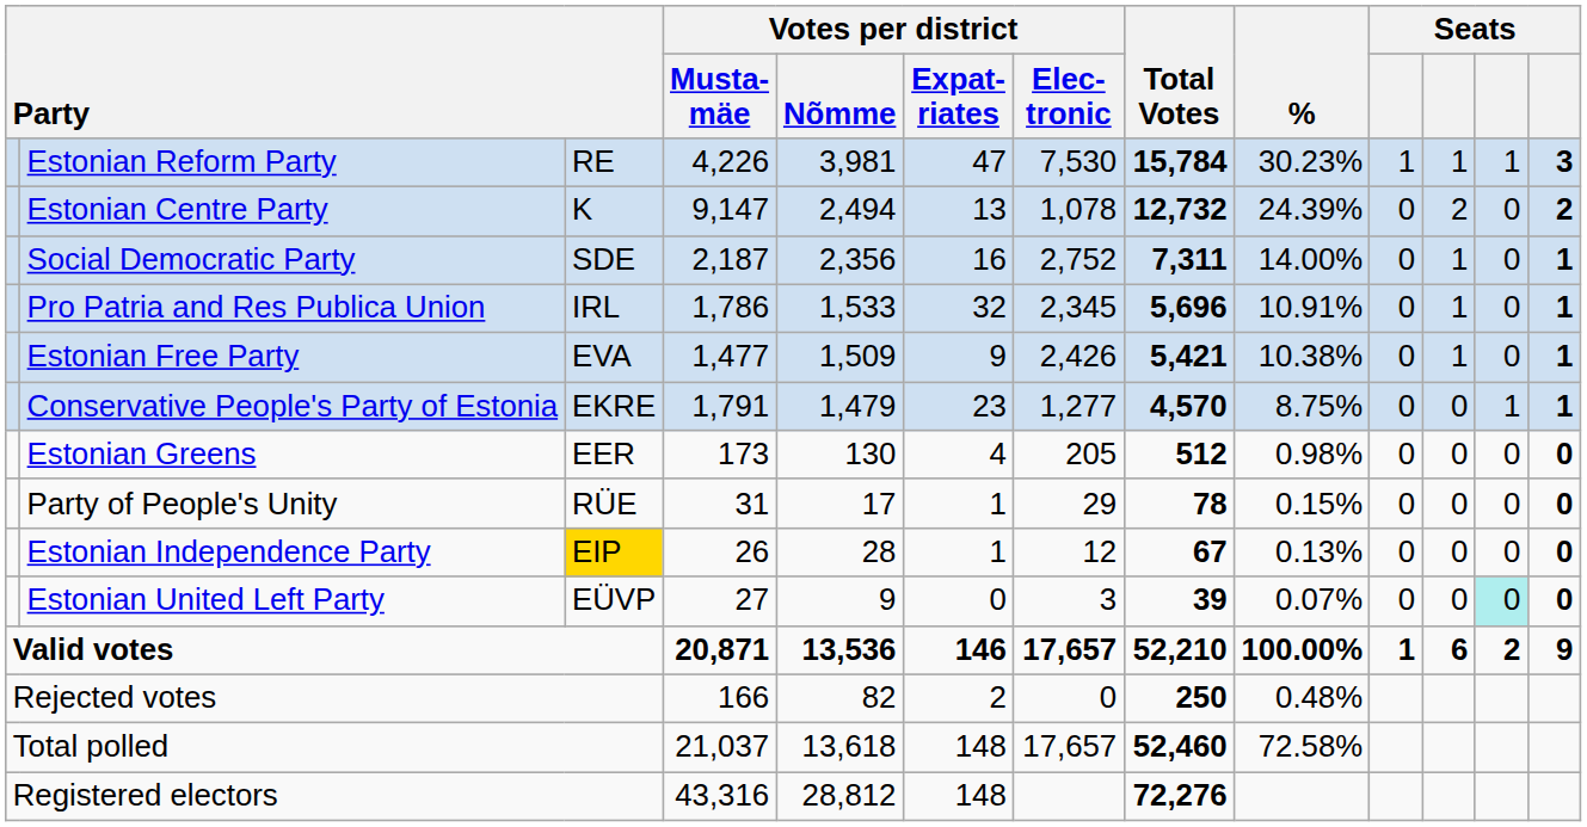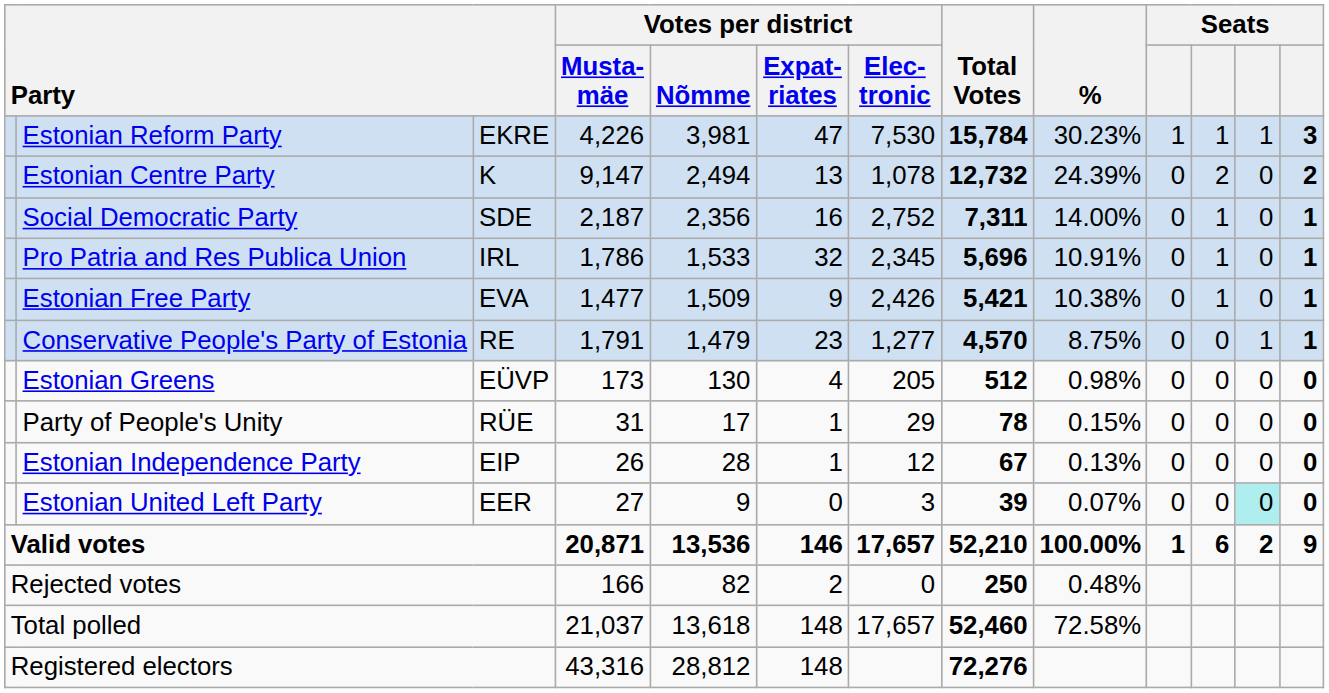 <table class="wikitable" border="1" style="text-align:right;">
 <tr>
 <th style="text-align:left;" valign=bottom rowspan=2 colspan=3>Party</th>
 <th colspan=4>Votes per district</th>
 <th align=center valign=bottom rowspan=2 width="50">Total Votes</th>
 <th align=center valign=bottom rowspan=2 width="50">%</th>
 <th colspan=4>Seats</th>
 </tr>
 <tr>
 <th align=center valign=bottom width="50"><a href='#'>Musta- mäe</a></th>
 <th align=center valign=bottom width="50"><a href='#'>Nõmme</a></th>
 <th align=center valign=bottom width="50"><a href='#'>Expat- riates</a></th>
 <th align=center valign=bottom width="50"><a href='#'>Elec- tronic</a></th>
 <th align=center valign=bottom width="20"><small></small></th>
 <th align=center valign=bottom width="20"><small></small></th>
 <th align=center valign=bottom width="20"><small></small></th>
 <th align=center valign=bottom width="20"><small></small></th>
 </tr>
 <tr style="background:#CEE0F2;">
 <td style="background:"></td>
 <td align=left><a href='#'>Estonian Reform Party</a></td>
-<td align=left>RE</td>
+<td align=left>EKRE</td>
 <td>4,226</td>
 <td>3,981</td>
 <td>47</td>
 <td>7,530</td>
 <td><strong>15,784</strong></td>
 <td>30.23%</td>
 <td>1</td>
 <td>1</td>
 <td>1</td>
 <td><strong>3</strong></td>
 </tr>
 <tr style="background:#CEE0F2;">
 <td style="background:"></td>
 <td align=left><a href='#'>Estonian Centre Party</a></td>
 <td align=left>K</td>
 <td>9,147</td>
 <td>2,494</td>
 <td>13</td>
 <td>1,078</td>
 <td><strong>12,732</strong></td>
 <td>24.39%</td>
 <td>0</td>
 <td>2</td>
 <td>0</td>
 <td><strong>2</strong></td>
 </tr>
 <tr style="background:#CEE0F2;">
 <td style="background:"></td>
 <td align=left><a href='#'>Social Democratic Party</a></td>
 <td align=left>SDE</td>
 <td>2,187</td>
 <td>2,356</td>
 <td>16</td>
 <td>2,752</td>
 <td><strong>7,311</strong></td>
 <td>14.00%</td>
 <td>0</td>
 <td>1</td>
 <td>0</td>
 <td><strong>1</strong></td>
 </tr>
 <tr style="background:#CEE0F2;">
 <td style="background:"></td>
 <td align=left><a href='#'>Pro Patria and Res Publica Union</a></td>
 <td align=left>IRL</td>
 <td>1,786</td>
 <td>1,533</td>
 <td>32</td>
 <td>2,345</td>
 <td><strong>5,696</strong></td>
 <td>10.91%</td>
 <td>0</td>
 <td>1</td>
 <td>0</td>
 <td><strong>1</strong></td>
 </tr>
 <tr style="background:#CEE0F2;">
 <td style="background:"></td>
 <td align=left><a href='#'>Estonian Free Party</a></td>
 <td align=left>EVA</td>
 <td>1,477</td>
 <td>1,509</td>
 <td>9</td>
 <td>2,426</td>
 <td><strong>5,421</strong></td>
 <td>10.38%</td>
 <td>0</td>
 <td>1</td>
 <td>0</td>
 <td><strong>1</strong></td>
 </tr>
 <tr style="background:#CEE0F2;">
 <td style="background:"></td>
 <td align=left><a href='#'>Conservative People's Party of Estonia</a></td>
-<td align=left>EKRE</td>
+<td align=left>RE</td>
 <td>1,791</td>
 <td>1,479</td>
 <td>23</td>
 <td>1,277</td>
 <td><strong>4,570</strong></td>
 <td>8.75%</td>
 <td>0</td>
 <td>0</td>
 <td>1</td>
 <td><strong>1</strong></td>
 </tr>
 <tr>
 <td style="background:"></td>
 <td align=left><a href='#'>Estonian Greens</a></td>
-<td align=left>EER</td>
+<td align=left>EÜVP</td>
 <td>173</td>
 <td>130</td>
 <td>4</td>
 <td>205</td>
 <td><strong>512</strong></td>
 <td>0.98%</td>
 <td>0</td>
 <td>0</td>
 <td>0</td>
 <td><strong>0</strong></td>
 </tr>
 <tr>
 <td></td>
 <td align=left>Party of People's Unity</td>
 <td align=left>RÜE</td>
 <td>31</td>
 <td>17</td>
 <td>1</td>
 <td>29</td>
 <td><strong>78</strong></td>
 <td>0.15%</td>
 <td>0</td>
 <td>0</td>
 <td>0</td>
 <td><strong>0</strong></td>
 </tr>
 <tr>
 <td style="background:"></td>
 <td align=left><a href='#'>Estonian Independence Party</a></td>
-<td align=left style="background: gold;">EIP</td>
+<td align=left>EIP</td>
 <td>26</td>
 <td>28</td>
 <td>1</td>
 <td>12</td>
 <td><strong>67</strong></td>
 <td>0.13%</td>
 <td>0</td>
 <td>0</td>
 <td>0</td>
 <td><strong>0</strong></td>
 </tr>
 <tr>
 <td style="background:"></td>
 <td align=left><a href='#'>Estonian United Left Party</a></td>
-<td align=left>EÜVP</td>
+<td align=left>EER</td>
 <td>27</td>
 <td>9</td>
 <td>0</td>
 <td>3</td>
 <td><strong>39</strong></td>
 <td>0.07%</td>
 <td>0</td>
 <td>0</td>
 <td style="background: paleturquoise;">0</td>
 <td><strong>0</strong></td>
 </tr>
 <tr style="font-weight:bold">
 <td align=left colspan=3>Valid votes</td>
 <td>20,871</td>
 <td>13,536</td>
 <td>146</td>
 <td>17,657</td>
 <td>52,210</td>
 <td>100.00%</td>
 <td>1</td>
 <td>6</td>
 <td>2</td>
 <td>9</td>
 </tr>
 <tr>
 <td align=left colspan=3>Rejected votes</td>
 <td>166</td>
 <td>82</td>
 <td>2</td>
 <td>0</td>
 <td><strong>250</strong></td>
 <td>0.48%</td>
 <td></td>
 <td></td>
 <td></td>
 <td></td>
 </tr>
 <tr>
 <td align=left colspan=3>Total polled</td>
 <td>21,037</td>
 <td>13,618</td>
 <td>148</td>
 <td>17,657</td>
 <td><strong>52,460</strong></td>
 <td>72.58%</td>
 <td></td>
 <td></td>
 <td></td>
 <td></td>
 </tr>
 <tr>
 <td align=left colspan=3>Registered electors</td>
 <td>43,316</td>
 <td>28,812</td>
 <td>148</td>
 <td></td>
 <td><strong>72,276</strong></td>
 <td></td>
 <td></td>
 <td></td>
 <td></td>
 <td></td>
 </tr>
 </table>
